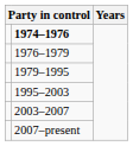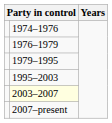 <table class="wikitable">
 <tr>
 <th colspan="2">Party in control</th>
 <th>Years</th>
 </tr>
 <tr>
 <td></td>
-<td><strong>1974–1976</strong></td>
+<td>1974–1976</td>
 </tr>
 <tr>
 <td></td>
 <td>1976–1979</td>
 </tr>
 <tr>
 <td></td>
 <td>1979–1995</td>
 </tr>
 <tr>
 <td></td>
 <td>1995–2003</td>
 </tr>
 <tr>
 <td></td>
-<td>2003–2007</td>
+<td style="background: lightyellow;">2003–2007</td>
 </tr>
 <tr>
 <td></td>
 <td>2007–present</td>
 </tr>
 </table>
